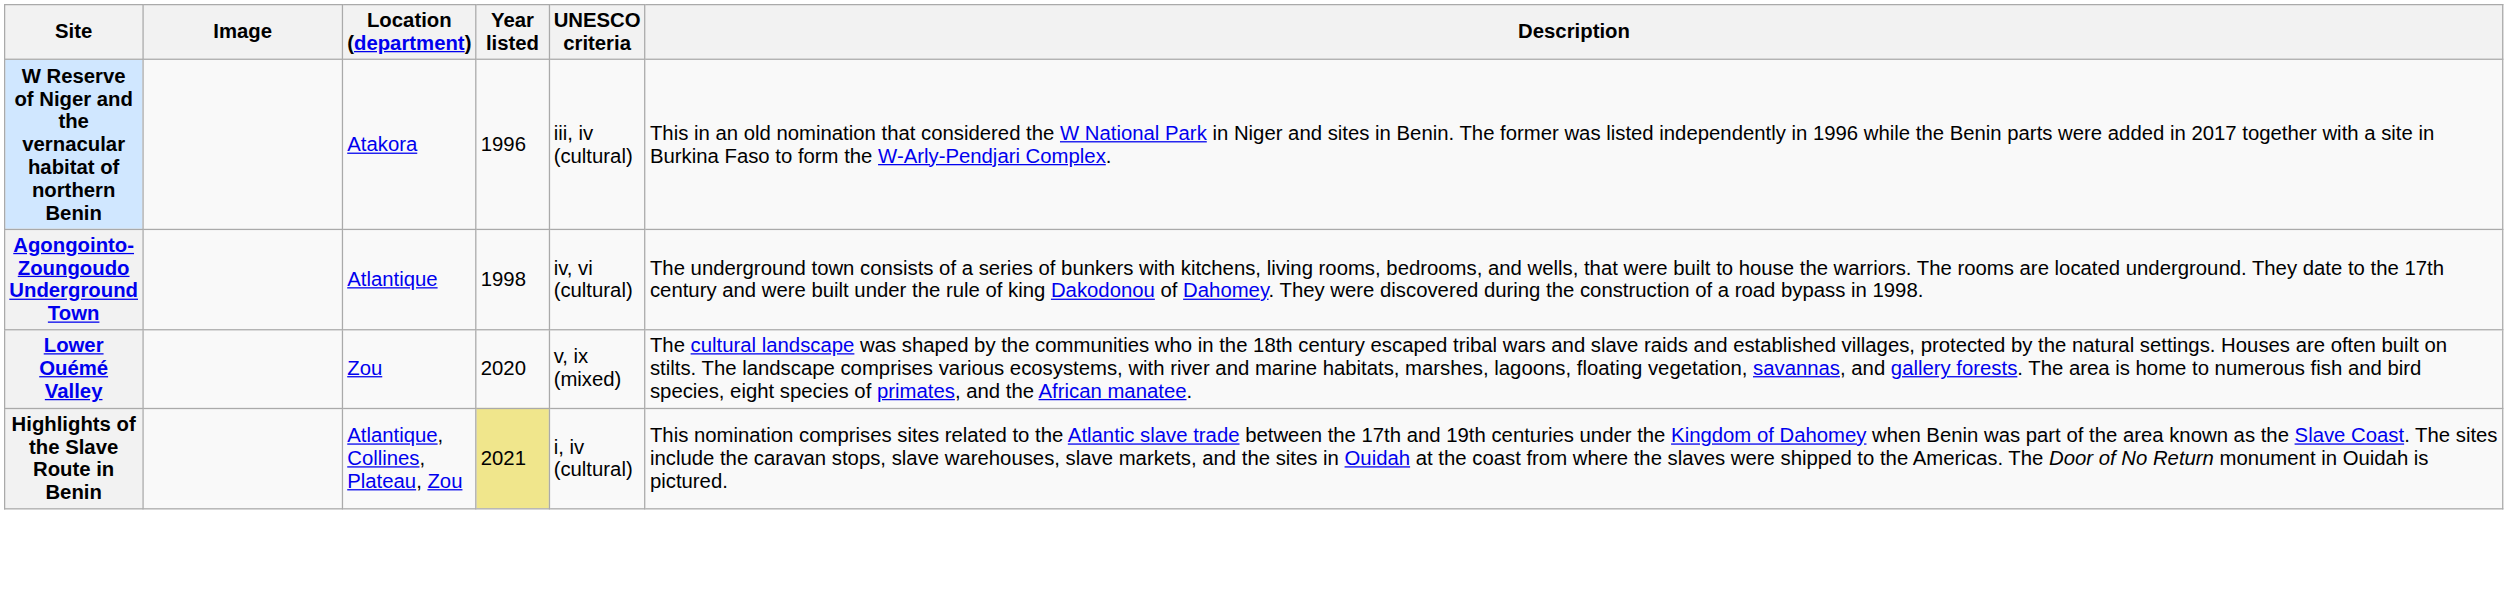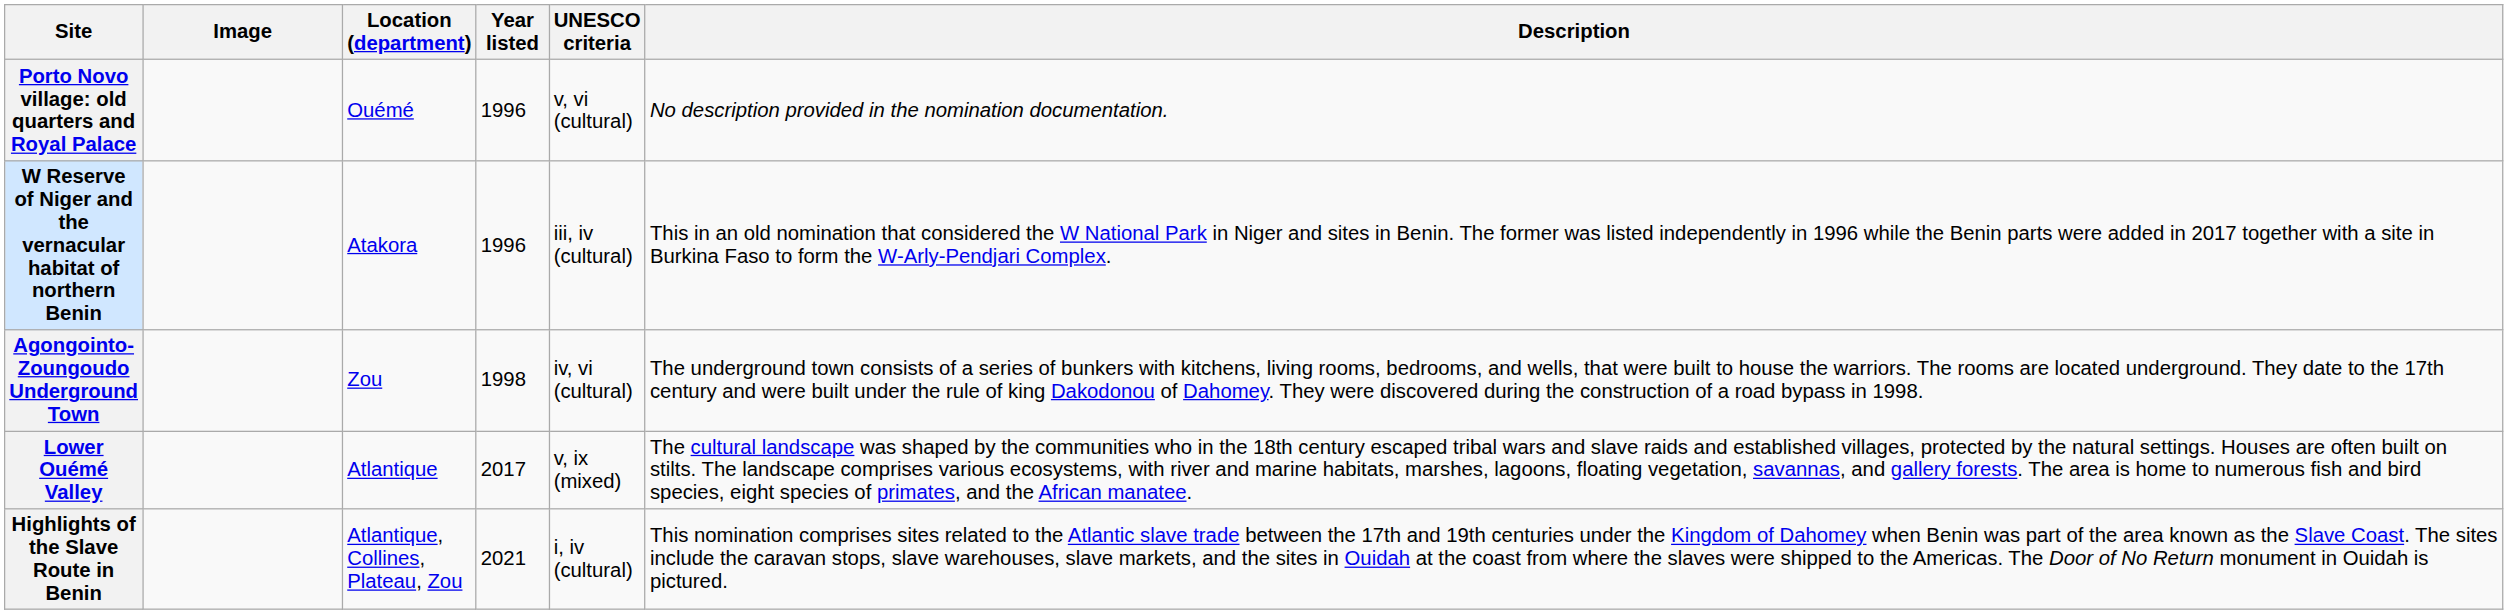 <table class="wikitable sortable plainrowheaders">
 <tr>
 <th style="width:100px;" scope="col">Site</th>
 <th class="unsortable" style="width:150px;" scope="col">Image</th>
 <th style="width:80px;" scope="col">Location (<a href='#'>department</a>)</th>
 <th style="width:50px;" scope="col">Year listed</th>
 <th style="width:60px;" scope="col">UNESCO criteria</th>
 <th scope="col" class="unsortable">Description</th>
+</tr>
+<tr>
+<th scope="row"><a href='#'>Porto Novo</a> village: old quarters and <a href='#'>Royal Palace</a></th>
+<td></td>
+<td><a href='#'>Ouémé</a></td>
+<td>1996</td>
+<td>v, vi (cultural)</td>
+<td><em>No description provided in the nomination documentation.</em></td>
 </tr>
 <tr>
 <th scope="row" style="background:#D0E7FF">W Reserve of Niger and the vernacular habitat of northern Benin</th>
 <td></td>
 <td><a href='#'>Atakora</a></td>
 <td>1996</td>
 <td>iii, iv (cultural)</td>
 <td>This in an old nomination that considered the <a href='#'>W National Park</a> in Niger and sites in Benin. The former was listed independently in 1996 while the Benin parts were added in 2017 together with a site in Burkina Faso to form the <a href='#'>W-Arly-Pendjari Complex</a>.</td>
 </tr>
 <tr>
 <th scope="row"><a href='#'>Agongointo-Zoungoudo Underground Town</a></th>
 <td></td>
-<td><a href='#'>Atlantique</a></td>
+<td><a href='#'>Zou</a></td>
 <td>1998</td>
 <td>iv, vi (cultural)</td>
 <td>The underground town consists of a series of bunkers with kitchens, living rooms, bedrooms, and wells, that were built to house the warriors. The rooms are located  underground. They date to the 17th century and were built under the rule of king <a href='#'>Dakodonou</a> of <a href='#'>Dahomey</a>. They were discovered during the construction of a road bypass in 1998.</td>
 </tr>
 <tr>
 <th scope="row"><a href='#'>Lower Ouémé Valley</a></th>
 <td></td>
-<td><a href='#'>Zou</a></td>
-<td>2020</td>
+<td><a href='#'>Atlantique</a></td>
+<td>2017</td>
 <td>v, ix (mixed)</td>
 <td>The <a href='#'>cultural landscape</a> was shaped by the communities who in the 18th century escaped tribal wars and slave raids and established villages, protected by the natural settings. Houses are often built on stilts. The landscape comprises various ecosystems, with river and marine habitats, marshes, lagoons, floating vegetation, <a href='#'>savannas</a>, and <a href='#'>gallery forests</a>. The area is home to numerous fish and bird species, eight species of <a href='#'>primates</a>, and the <a href='#'>African manatee</a>.</td>
 </tr>
 <tr>
 <th scope="row">Highlights of the Slave Route in Benin</th>
 <td></td>
 <td><a href='#'>Atlantique</a>, <a href='#'>Collines</a>, <a href='#'>Plateau</a>, <a href='#'>Zou</a></td>
-<td style="background: khaki;">2021</td>
+<td>2021</td>
 <td>i, iv (cultural)</td>
 <td>This nomination comprises sites related to the <a href='#'>Atlantic slave trade</a> between the 17th and 19th centuries under the <a href='#'>Kingdom of Dahomey</a> when Benin was part of the area known as the <a href='#'>Slave Coast</a>. The sites include the caravan stops, slave warehouses, slave markets, and the sites in <a href='#'>Ouidah</a> at the coast from where the slaves were shipped to the Americas. The <em>Door of No Return</em> monument in Ouidah is pictured.</td>
 </tr>
 </table>
